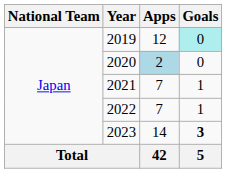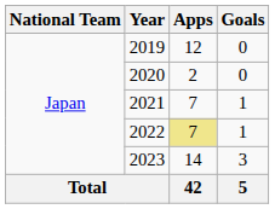 <table class="wikitable" style="text-align:center">
 <tr>
 <th>National Team</th>
 <th>Year</th>
 <th>Apps</th>
 <th>Goals</th>
 </tr>
 <tr>
 <td rowspan="5"><a href='#'>Japan</a></td>
 <td>2019</td>
 <td>12</td>
-<td style="background: paleturquoise;">0</td>
+<td>0</td>
 </tr>
 <tr>
 <td>2020</td>
-<td style="background: lightblue;">2</td>
+<td>2</td>
 <td>0</td>
 </tr>
 <tr>
 <td>2021</td>
 <td>7</td>
 <td>1</td>
 </tr>
 <tr>
 <td>2022</td>
-<td>7</td>
+<td style="background: khaki;">7</td>
 <td>1</td>
 </tr>
 <tr>
 <td>2023</td>
 <td>14</td>
-<td><strong>3</strong></td>
+<td>3</td>
 </tr>
 <tr>
 <th colspan="2">Total</th>
 <th>42</th>
 <th>5</th>
 </tr>
 </table>
